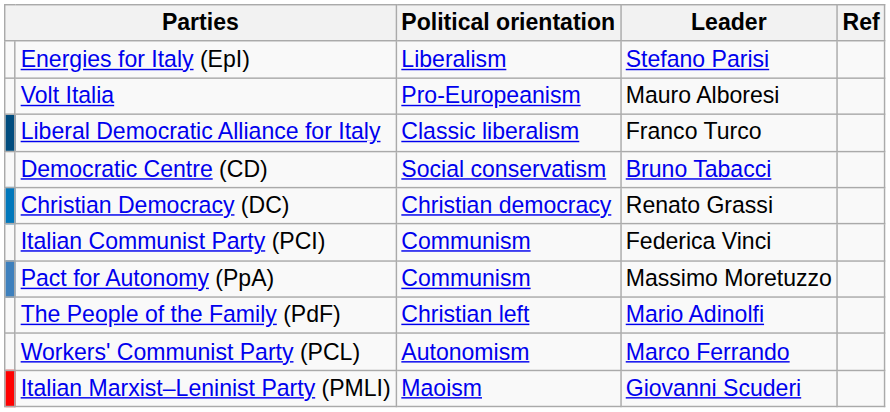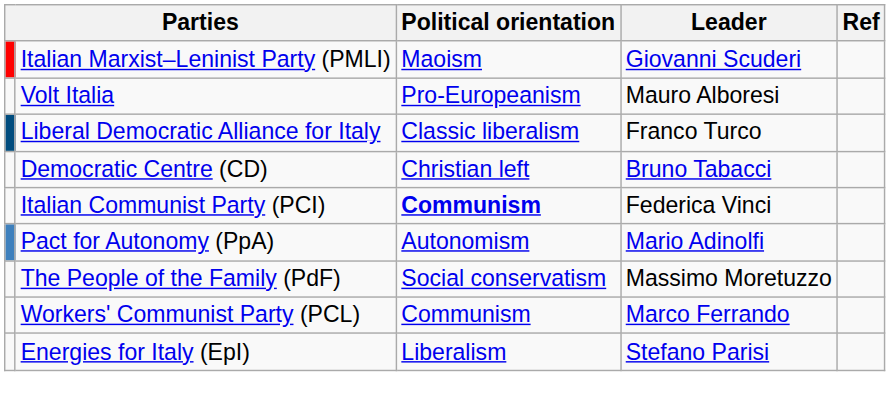 <table class="wikitable">
 <tr>
 <th colspan=2>Parties</th>
 <th>Political orientation</th>
 <th>Leader</th>
 <th>Ref</th>
 </tr>
 <tr>
-<td style="background-color:"></td>
-<td><a href='#'>Energies for Italy</a> (EpI)</td>
-<td><a href='#'>Liberalism</a></td>
-<td><a href='#'>Stefano Parisi</a></td>
+<td style="background-color:#f00"></td>
+<td><a href='#'>Italian Marxist–Leninist Party</a> (PMLI)</td>
+<td><a href='#'>Maoism</a></td>
+<td><a href='#'>Giovanni Scuderi</a></td>
 <td></td>
 </tr>
 <tr>
 <td style="background:"></td>
 <td><a href='#'>Volt Italia</a></td>
 <td><a href='#'>Pro-Europeanism</a></td>
 <td>Mauro Alboresi</td>
 <td></td>
 </tr>
 <tr>
 <td style="background:#004C7E"></td>
 <td><a href='#'>Liberal Democratic Alliance for Italy</a></td>
 <td><a href='#'>Classic liberalism</a></td>
 <td>Franco Turco</td>
 <td></td>
 </tr>
 <tr>
 <td style="background-color: "></td>
 <td><a href='#'>Democratic Centre</a> (CD)</td>
-<td><a href='#'>Social conservatism</a></td>
+<td><a href='#'>Christian left</a></td>
 <td><a href='#'>Bruno Tabacci</a></td>
-<td></td>
-</tr>
-<tr>
-<td style="background-color:#0077BB"></td>
-<td><a href='#'>Christian Democracy</a> (DC)</td>
-<td><a href='#'>Christian democracy</a></td>
-<td>Renato Grassi</td>
 <td></td>
 </tr>
 <tr>
 <td style="background-color: "></td>
 <td><a href='#'>Italian Communist Party</a> (PCI)</td>
-<td><a href='#'>Communism</a></td>
+<td><strong><a href='#'>Communism</a></strong></td>
 <td>Federica Vinci</td>
 <td></td>
 </tr>
 <tr>
 <td style="background:#3E80BD"></td>
 <td><a href='#'>Pact for Autonomy</a> (PpA)</td>
-<td><a href='#'>Communism</a></td>
+<td><a href='#'>Autonomism</a></td>
+<td><a href='#'>Mario Adinolfi</a></td>
+<td></td>
+</tr>
+<tr>
+<td style="background-color: "></td>
+<td><a href='#'>The People of the Family</a> (PdF)</td>
+<td><a href='#'>Social conservatism</a></td>
 <td>Massimo Moretuzzo</td>
 <td></td>
 </tr>
 <tr>
 <td style="background-color: "></td>
-<td><a href='#'>The People of the Family</a> (PdF)</td>
-<td><a href='#'>Christian left</a></td>
-<td><a href='#'>Mario Adinolfi</a></td>
-<td></td>
-</tr>
-<tr>
-<td style="background-color: "></td>
 <td><a href='#'>Workers' Communist Party</a> (PCL)</td>
-<td><a href='#'>Autonomism</a></td>
+<td><a href='#'>Communism</a></td>
 <td><a href='#'>Marco Ferrando</a></td>
 <td></td>
 </tr>
 <tr>
-<td style="background-color:#f00"></td>
-<td><a href='#'>Italian Marxist–Leninist Party</a> (PMLI)</td>
-<td><a href='#'>Maoism</a></td>
-<td><a href='#'>Giovanni Scuderi</a></td>
+<td style="background-color:"></td>
+<td><a href='#'>Energies for Italy</a> (EpI)</td>
+<td><a href='#'>Liberalism</a></td>
+<td><a href='#'>Stefano Parisi</a></td>
 <td></td>
 </tr>
 </table>
